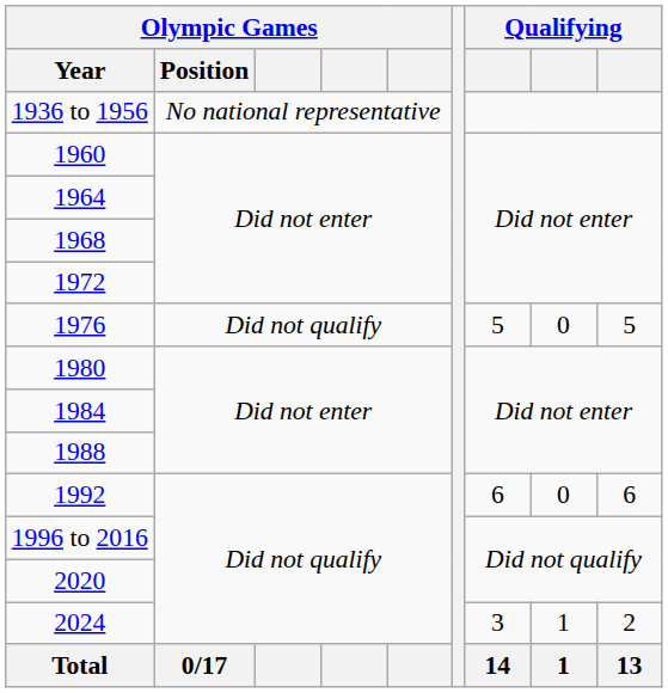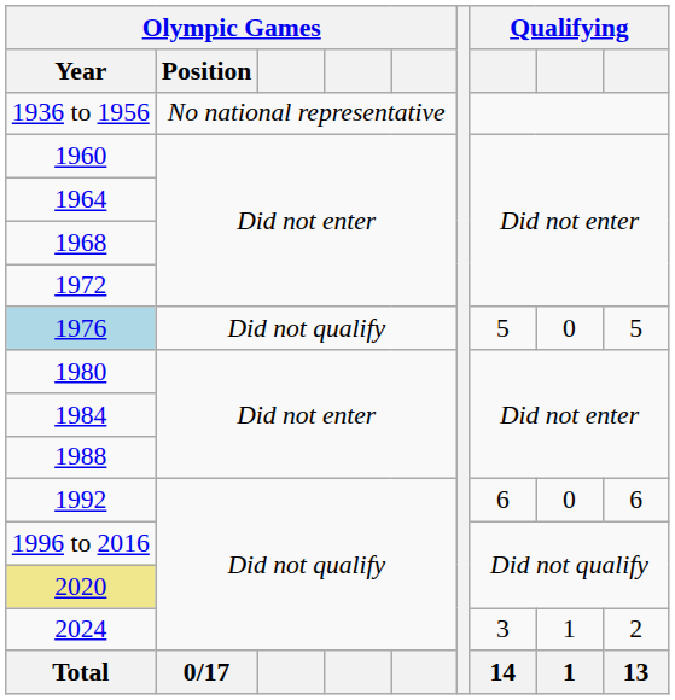 <table class="wikitable" style="text-align: center;font-size:90%;">
 <tr>
 <th colspan=5><a href='#'>Olympic Games</a></th>
 <th rowspan=16></th>
 <th colspan=3><a href='#'>Qualifying</a></th>
 </tr>
 <tr>
 <th>Year</th>
 <th>Position</th>
 <th width=30></th>
 <th width=30></th>
 <th width=30></th>
 <th width=30></th>
 <th width=30></th>
 <th width=30></th>
 </tr>
 <tr>
 <td><a href='#'>1936</a> to <a href='#'>1956</a></td>
 <td colspan=4><em>No national representative</em></td>
 </tr>
 <tr>
 <td> <a href='#'>1960</a></td>
 <td colspan=4 rowspan=4><em>Did not enter</em></td>
 <td colspan=3 rowspan=4><em>Did not enter</em></td>
 </tr>
 <tr>
 <td> <a href='#'>1964</a></td>
 </tr>
 <tr>
 <td> <a href='#'>1968</a></td>
 </tr>
 <tr>
 <td> <a href='#'>1972</a></td>
 </tr>
 <tr>
-<td> <a href='#'>1976</a></td>
+<td style="background: lightblue;"> <a href='#'>1976</a></td>
 <td colspan=4><em>Did not qualify</em></td>
 <td>5</td>
 <td>0</td>
 <td>5</td>
 </tr>
 <tr>
 <td> <a href='#'>1980</a></td>
 <td colspan=4 rowspan=3><em>Did not enter</em></td>
 <td colspan=3 rowspan=3><em>Did not enter</em></td>
 </tr>
 <tr>
 <td> <a href='#'>1984</a></td>
 </tr>
 <tr>
 <td> <a href='#'>1988</a></td>
 </tr>
 <tr>
 <td> <a href='#'>1992</a></td>
 <td colspan=4 rowspan=4><em>Did not qualify</em></td>
 <td>6</td>
 <td>0</td>
 <td>6</td>
 </tr>
 <tr>
 <td><a href='#'>1996</a> to <a href='#'>2016</a></td>
 <td colspan=3 rowspan=2><em>Did not qualify</em></td>
 </tr>
 <tr>
-<td> <a href='#'>2020</a></td>
+<td style="background: khaki;"> <a href='#'>2020</a></td>
 </tr>
 <tr>
 <td> <a href='#'>2024</a></td>
 <td>3</td>
 <td>1</td>
 <td>2</td>
 </tr>
 <tr>
 <th>Total</th>
 <th>0/17</th>
 <th></th>
 <th></th>
 <th></th>
 <th>14</th>
 <th>1</th>
 <th>13</th>
 </tr>
 </table>
